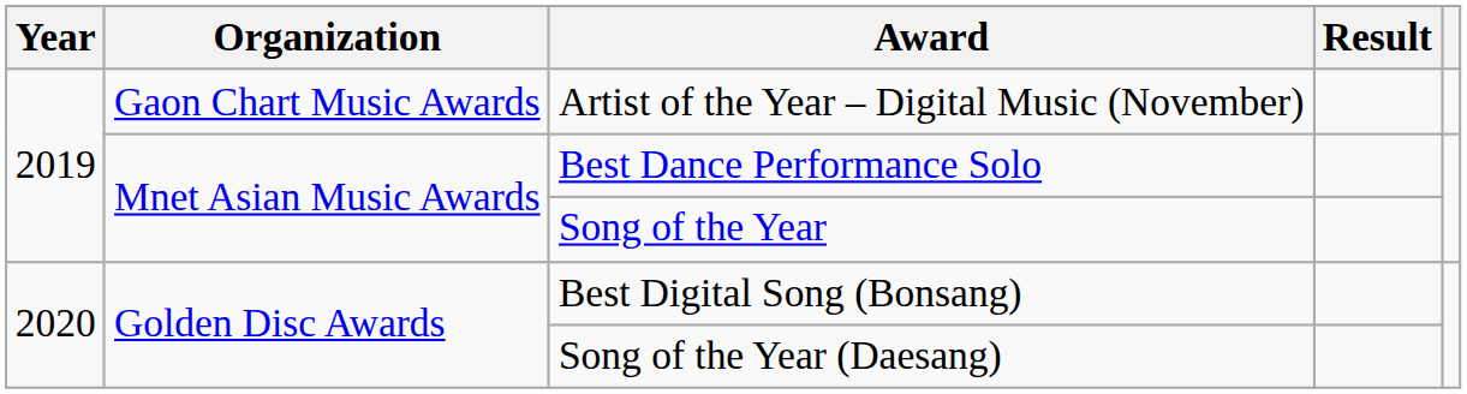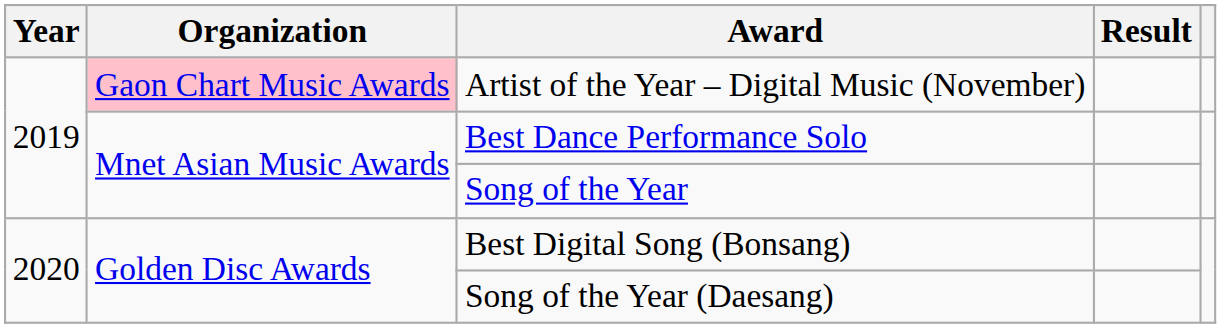 <table class="wikitable plainrowheaders">
 <tr>
 <th scope="col">Year</th>
 <th scope="col">Organization</th>
 <th scope="col">Award</th>
 <th scope="col">Result</th>
 <th class="unsortable"></th>
 </tr>
 <tr>
 <td align="center" scope="row" rowspan="3">2019</td>
-<td><a href='#'>Gaon Chart Music Awards</a></td>
+<td style="background: pink;"><a href='#'>Gaon Chart Music Awards</a></td>
 <td>Artist of the Year – Digital Music (November)</td>
 <td></td>
 <td style="text-align:center;"></td>
 </tr>
 <tr>
 <td rowspan="2"><a href='#'>Mnet Asian Music Awards</a></td>
 <td><a href='#'>Best Dance Performance Solo</a></td>
 <td></td>
 <td style="text-align:center;" rowspan="2"></td>
 </tr>
 <tr>
 <td><a href='#'>Song of the Year</a></td>
 <td></td>
 </tr>
 <tr>
 <td align="center" scope="row" rowspan="2">2020</td>
 <td rowspan="2"><a href='#'>Golden Disc Awards</a></td>
 <td>Best Digital Song (Bonsang)</td>
 <td></td>
 <td style="text-align:center;" rowspan="2"></td>
 </tr>
 <tr>
 <td>Song of the Year (Daesang)</td>
 <td></td>
 </tr>
 </table>
